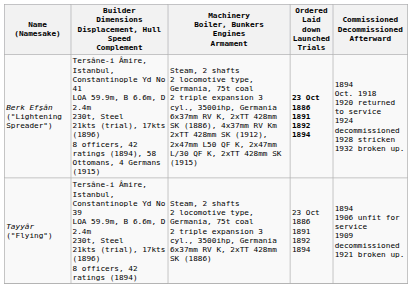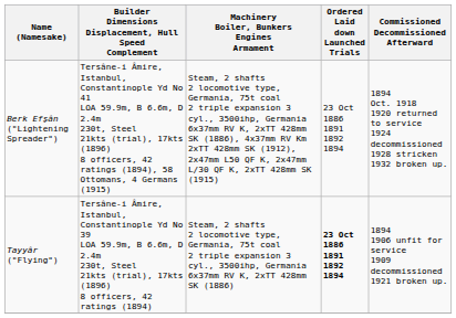 <table class="wikitable" style="font-size:90%;">
 <tr bgcolor="#e6e9ff">
 <th>Name<br>(Namesake)</th>
 <th>Builder<br>Dimensions<br>Displacement, Hull<br>Speed<br>Complement</th>
 <th>Machinery<br>Boiler, Bunkers<br>Engines<br>Armament</th>
 <th>Ordered<br>Laid down<br>Launched<br>Trials</th>
 <th>Commissioned<br>Decommissioned<br>Afterward</th>
 </tr>
 <tr ---->
 <td><em>Berk Efşân</em><br>("Lightening Spreader")</td>
 <td> Tersâne-i Âmire, Istanbul, Constantinople Yd No 41<br>LOA 59.9m, B 6.6m, D 2.4m<br>230t, Steel<br>21kts (trial), 17kts (1896)<br>8 officers, 42 ratings (1894), 58 Ottomans, 4 Germans (1915)</td>
 <td>Steam, 2 shafts<br>2 locomotive type, Germania, 75t coal<br>2 triple expansion 3 cyl., 3500ihp, Germania<br>6x37mm RV K, 2xTT 428mm SK (1886), 4x37mm RV Km 2xTT 428mm SK (1912), 2x47mm L50 QF K, 2x47mm L/30 QF K, 2xTT 428mm SK (1915)</td>
-<td><strong>23 Oct 1886<br>1891<br>1892<br>1894</strong></td>
+<td>23 Oct 1886<br>1891<br>1892<br>1894</td>
 <td>1894<br>Oct. 1918<br>1920 returned to service<br>1924 decommissioned<br>1928 stricken<br>1932 broken up.</td>
 </tr>
 <tr ---->
 <td><em>Tayyâr</em><br>("Flying")</td>
 <td> Tersâne-i Âmire, Istanbul, Constantinople Yd No 39<br>LOA 59.9m, B 6.6m, D 2.4m<br>230t, Steel<br>21kts (trial), 17kts (1896)<br>8 officers, 42 ratings (1894)</td>
 <td>Steam, 2 shafts<br>2 locomotive type, Germania, 75t coal<br>2 triple expansion 3 cyl., 3500ihp, Germania<br>6x37mm RV K, 2xTT 428mm SK (1886)</td>
-<td>23 Oct 1886<br>1891<br>1892<br>1894</td>
+<td><strong>23 Oct 1886<br>1891<br>1892<br>1894</strong></td>
 <td>1894<br>1906 unfit for service<br>1909 decommissioned<br>1921 broken up.</td>
 </tr>
 <tr ---->
 </tr>
 </table>
